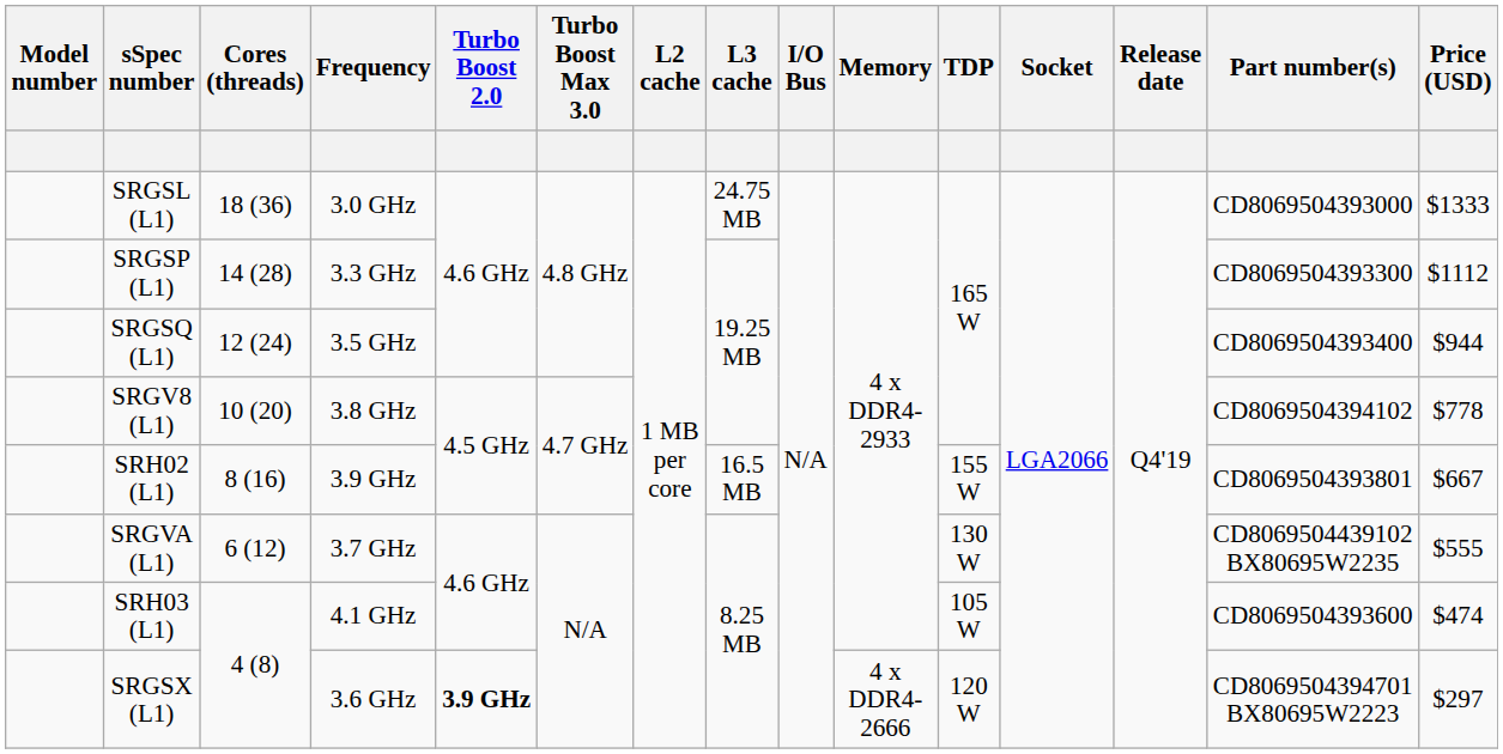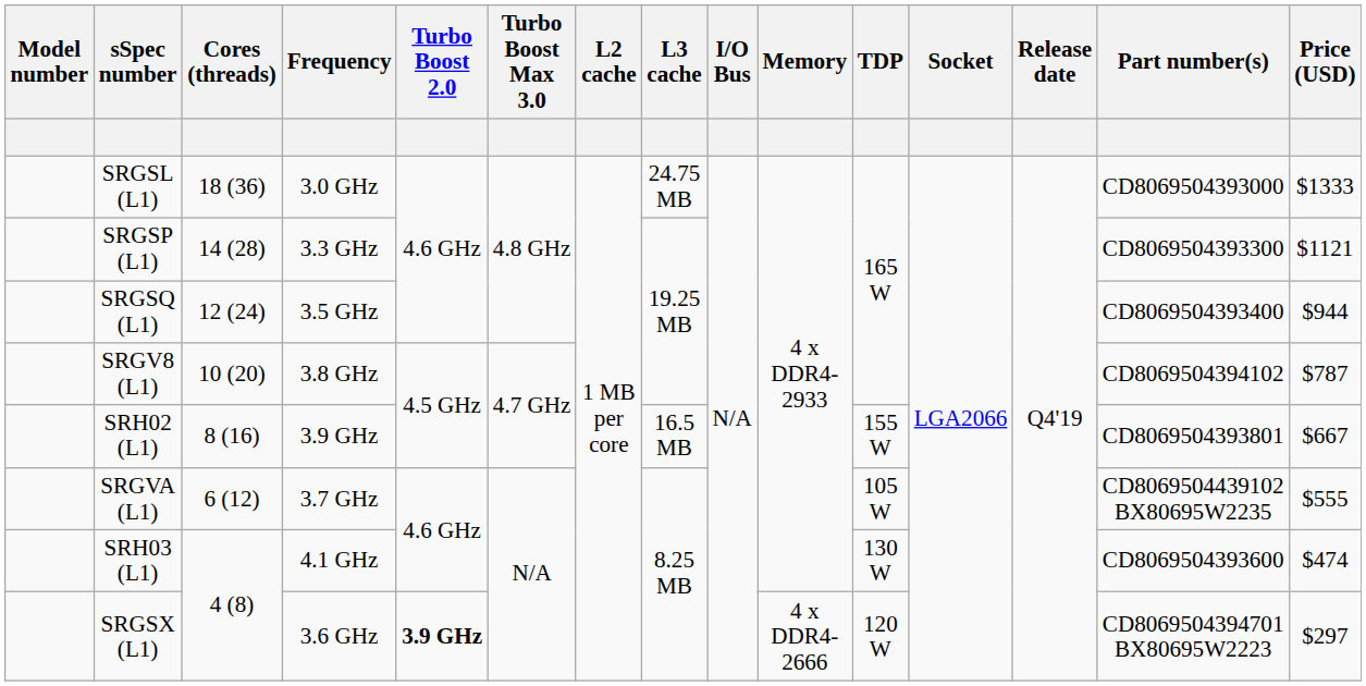 <table class="wikitable sortable hover-highlight" style="text-align: center;">
 <tr>
 <th>Model number</th>
 <th>sSpec number</th>
 <th>Cores<br>(threads)</th>
 <th>Frequency</th>
 <th><a href='#'>Turbo Boost 2.0</a></th>
 <th>Turbo Boost Max 3.0</th>
 <th>L2 cache</th>
 <th>L3 cache</th>
 <th>I/O Bus</th>
 <th>Memory</th>
 <th>TDP</th>
 <th>Socket</th>
 <th>Release<br>date</th>
 <th>Part number(s)</th>
 <th>Price<br>(USD)</th>
 </tr>
 <tr>
 <th style="background-position:center"><br></th>
 <th style="background-position:center"></th>
 <th style="background-position:center"></th>
 <th style="background-position:center"></th>
 <th style="background-position:center"></th>
 <th style="background-position:center"></th>
 <th style="background-position:center"></th>
 <th style="background-position:center"></th>
 <th style="background-position:center"></th>
 <th style="background-position:center"></th>
 <th style="background-position:center"></th>
 <th style="background-position:center"></th>
 <th style="background-position:center"></th>
 <th style="background-position:center"></th>
 <th style="background-position:center"></th>
 </tr>
 <tr>
 <td></td>
 <td>SRGSL (L1)</td>
 <td>18 (36)</td>
 <td>3.0 GHz</td>
 <td rowspan="3">4.6 GHz</td>
 <td rowspan="3">4.8 GHz</td>
 <td rowspan="8">1 MB per core</td>
 <td>24.75 MB</td>
 <td rowspan="8">N/A</td>
 <td rowspan="7">4 x DDR4-2933</td>
 <td rowspan="4">165 W</td>
 <td rowspan="8"><a href='#'>LGA2066</a></td>
 <td rowspan="8">Q4'19</td>
 <td>CD8069504393000</td>
 <td>$1333</td>
 </tr>
 <tr>
 <td></td>
 <td>SRGSP (L1)</td>
 <td>14 (28)</td>
 <td>3.3 GHz</td>
 <td rowspan="3">19.25 MB</td>
 <td>CD8069504393300</td>
-<td>$1112</td>
+<td>$1121</td>
 </tr>
 <tr>
 <td></td>
 <td>SRGSQ (L1)</td>
 <td>12 (24)</td>
 <td>3.5 GHz</td>
 <td>CD8069504393400</td>
 <td>$944</td>
 </tr>
 <tr>
 <td></td>
 <td>SRGV8 (L1)</td>
 <td>10 (20)</td>
 <td>3.8 GHz</td>
 <td rowspan="2">4.5 GHz</td>
 <td rowspan="2">4.7 GHz</td>
 <td>CD8069504394102</td>
-<td>$778</td>
+<td>$787</td>
 </tr>
 <tr>
 <td></td>
 <td>SRH02 (L1)</td>
 <td>8 (16)</td>
 <td>3.9 GHz</td>
 <td>16.5 MB</td>
 <td>155 W</td>
 <td>CD8069504393801</td>
 <td>$667</td>
 </tr>
 <tr>
 <td></td>
 <td>SRGVA (L1)</td>
 <td>6 (12)</td>
 <td>3.7 GHz</td>
 <td rowspan="2">4.6 GHz</td>
 <td rowspan="3">N/A</td>
 <td rowspan="3">8.25 MB</td>
-<td>130 W</td>
+<td>105 W</td>
 <td>CD8069504439102<br>BX80695W2235</td>
 <td>$555</td>
 </tr>
 <tr>
 <td></td>
 <td>SRH03 (L1)</td>
 <td rowspan="2">4 (8)</td>
 <td>4.1 GHz</td>
-<td>105 W</td>
+<td>130 W</td>
 <td>CD8069504393600</td>
 <td>$474</td>
 </tr>
 <tr>
 <td></td>
 <td>SRGSX (L1)</td>
 <td>3.6 GHz</td>
 <td><strong>3.9 GHz</strong></td>
 <td>4 x DDR4-2666</td>
 <td>120 W</td>
 <td>CD8069504394701<br>BX80695W2223</td>
 <td>$297</td>
 </tr>
 </table>
